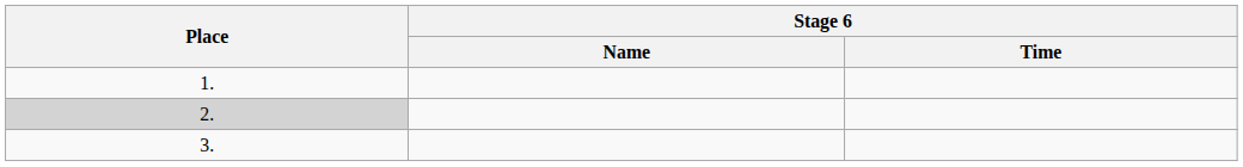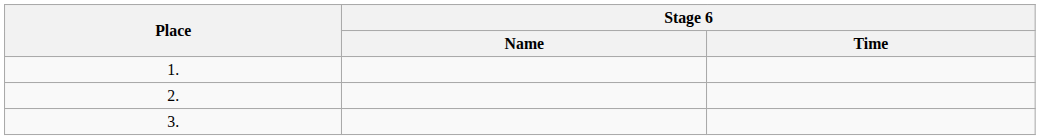 <table class=wikitable style="font-size:95%" width="50%">
 <tr>
 <th rowspan="2">Place</th>
 <th colspan="2">Stage 6</th>
 </tr>
 <tr>
 <th>Name</th>
 <th>Time</th>
 </tr>
 <tr>
 <td align="center">1.</td>
 <td></td>
 <td></td>
 </tr>
 <tr>
-<td align="center" style="background: lightgrey;">2.</td>
+<td align="center">2.</td>
 <td></td>
 <td></td>
 </tr>
 <tr>
 <td align="center">3.</td>
 <td></td>
 <td></td>
 </tr>
 </table>
